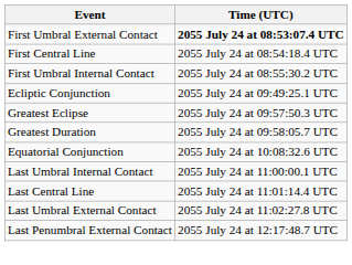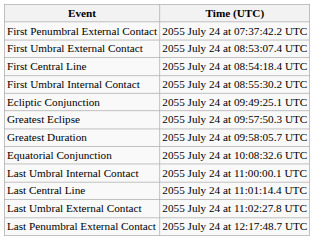 <table class="wikitable">
 <tr>
 <th>Event</th>
 <th>Time (UTC)</th>
 </tr>
 <tr>
+<td>First Penumbral External Contact</td>
+<td>2055 July 24 at 07:37:42.2 UTC</td>
+</tr>
+<tr>
 <td>First Umbral External Contact</td>
-<td><strong>2055 July 24 at 08:53:07.4 UTC</strong></td>
+<td>2055 July 24 at 08:53:07.4 UTC</td>
 </tr>
 <tr>
 <td>First Central Line</td>
 <td>2055 July 24 at 08:54:18.4 UTC</td>
 </tr>
 <tr>
 <td>First Umbral Internal Contact</td>
 <td>2055 July 24 at 08:55:30.2 UTC</td>
 </tr>
 <tr>
 <td>Ecliptic Conjunction</td>
 <td>2055 July 24 at 09:49:25.1 UTC</td>
 </tr>
 <tr>
 <td>Greatest Eclipse</td>
 <td>2055 July 24 at 09:57:50.3 UTC</td>
 </tr>
 <tr>
 <td>Greatest Duration</td>
 <td>2055 July 24 at 09:58:05.7 UTC</td>
 </tr>
 <tr>
 <td>Equatorial Conjunction</td>
 <td>2055 July 24 at 10:08:32.6 UTC</td>
 </tr>
 <tr>
 <td>Last Umbral Internal Contact</td>
 <td>2055 July 24 at 11:00:00.1 UTC</td>
 </tr>
 <tr>
 <td>Last Central Line</td>
 <td>2055 July 24 at 11:01:14.4 UTC</td>
 </tr>
 <tr>
 <td>Last Umbral External Contact</td>
 <td>2055 July 24 at 11:02:27.8 UTC</td>
 </tr>
 <tr>
 <td>Last Penumbral External Contact</td>
 <td>2055 July 24 at 12:17:48.7 UTC</td>
 </tr>
 </table>
